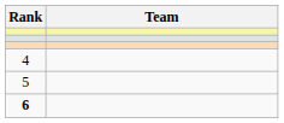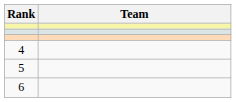 <table class="wikitable">
 <tr>
 <th width=30>Rank</th>
 <th width=250>Team</th>
 </tr>
 <tr bgcolor="F7F6A8">
 <td align=center></td>
 <td><strong></strong></td>
 </tr>
 <tr bgcolor="DCE5E5">
 <td align=center></td>
 <td><strong></strong></td>
 </tr>
 <tr bgcolor="FFDAB9">
 <td align=center></td>
 <td><strong></strong></td>
 </tr>
 <tr>
 <td align=center>4</td>
 <td></td>
 </tr>
 <tr>
 <td align=center>5</td>
 <td></td>
 </tr>
 <tr>
-<td align=center><strong>6</strong></td>
+<td align=center>6</td>
 <td></td>
 </tr>
 </table>
